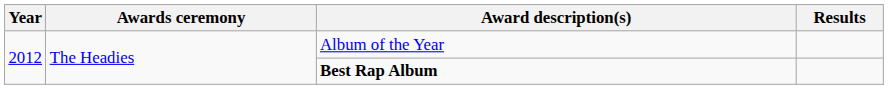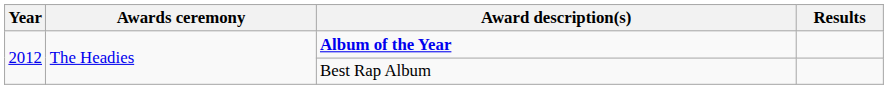 <table class="wikitable">
 <tr>
 <th>Year</th>
 <th width="250">Awards ceremony</th>
 <th width="450">Award description(s)</th>
 <th width="75">Results</th>
 </tr>
 <tr>
 <td rowspan="2"><a href='#'>2012</a></td>
 <td rowspan="2"><a href='#'>The Headies</a></td>
-<td><a href='#'>Album of the Year</a></td>
+<td><strong><a href='#'>Album of the Year</a></strong></td>
 <td></td>
 </tr>
 <tr>
-<td><strong>Best Rap Album</strong></td>
+<td>Best Rap Album</td>
 <td></td>
 </tr>
 </table>
